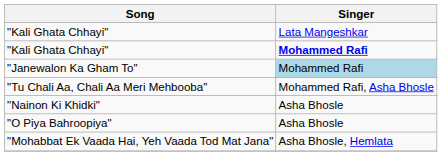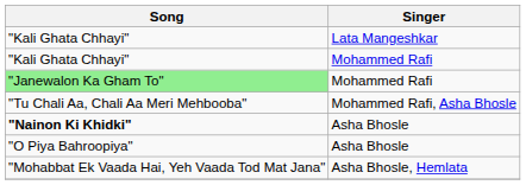 <table class="wikitable" style="font-size:95%">
 <tr>
 <th>Song</th>
 <th>Singer</th>
 </tr>
 <tr>
 <td>"Kali Ghata Chhayi"</td>
 <td><a href='#'>Lata Mangeshkar</a></td>
 </tr>
 <tr>
 <td>"Kali Ghata Chhayi"</td>
-<td><strong><a href='#'>Mohammed Rafi</a></strong></td>
+<td><a href='#'>Mohammed Rafi</a></td>
 </tr>
 <tr>
-<td>"Janewalon Ka Gham To"</td>
-<td style="background: lightblue;">Mohammed Rafi</td>
+<td style="background: lightgreen;">"Janewalon Ka Gham To"</td>
+<td>Mohammed Rafi</td>
 </tr>
 <tr>
 <td>"Tu Chali Aa, Chali Aa Meri Mehbooba"</td>
 <td>Mohammed Rafi, <a href='#'>Asha Bhosle</a></td>
 </tr>
 <tr>
-<td>"Nainon Ki Khidki"</td>
+<td><strong>"Nainon Ki Khidki"</strong></td>
 <td>Asha Bhosle</td>
 </tr>
 <tr>
 <td>"O Piya Bahroopiya"</td>
 <td>Asha Bhosle</td>
 </tr>
 <tr>
 <td>"Mohabbat Ek Vaada Hai, Yeh Vaada Tod Mat Jana"</td>
 <td>Asha Bhosle, <a href='#'>Hemlata</a></td>
 </tr>
 <tr>
 </tr>
 </table>
